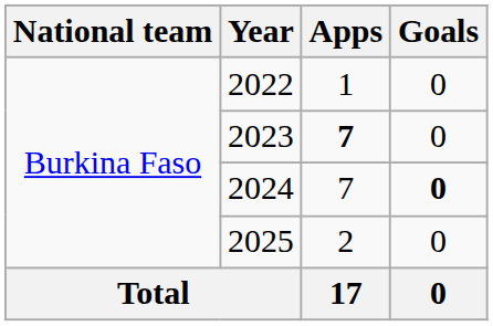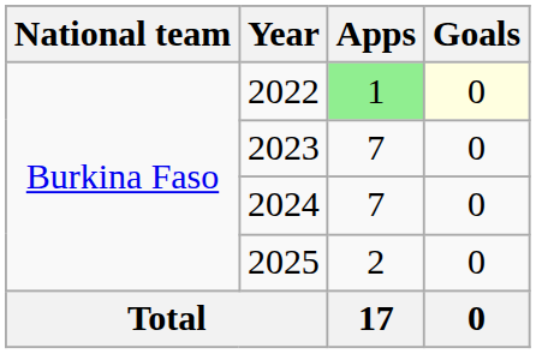 <table class="wikitable" style="text-align: center;">
 <tr>
 <th>National team</th>
 <th>Year</th>
 <th>Apps</th>
 <th>Goals</th>
 </tr>
 <tr>
 <td rowspan="4"><a href='#'>Burkina Faso</a></td>
 <td>2022</td>
-<td>1</td>
-<td>0</td>
+<td style="background: lightgreen;">1</td>
+<td style="background: lightyellow;">0</td>
 </tr>
 <tr>
 <td>2023</td>
-<td><strong>7</strong></td>
+<td>7</td>
 <td>0</td>
 </tr>
 <tr>
 <td>2024</td>
 <td>7</td>
-<td><strong>0</strong></td>
+<td>0</td>
 </tr>
 <tr>
 <td>2025</td>
 <td>2</td>
 <td>0</td>
 </tr>
 <tr>
 <th colspan="2">Total</th>
 <th>17</th>
 <th>0</th>
 </tr>
 </table>
